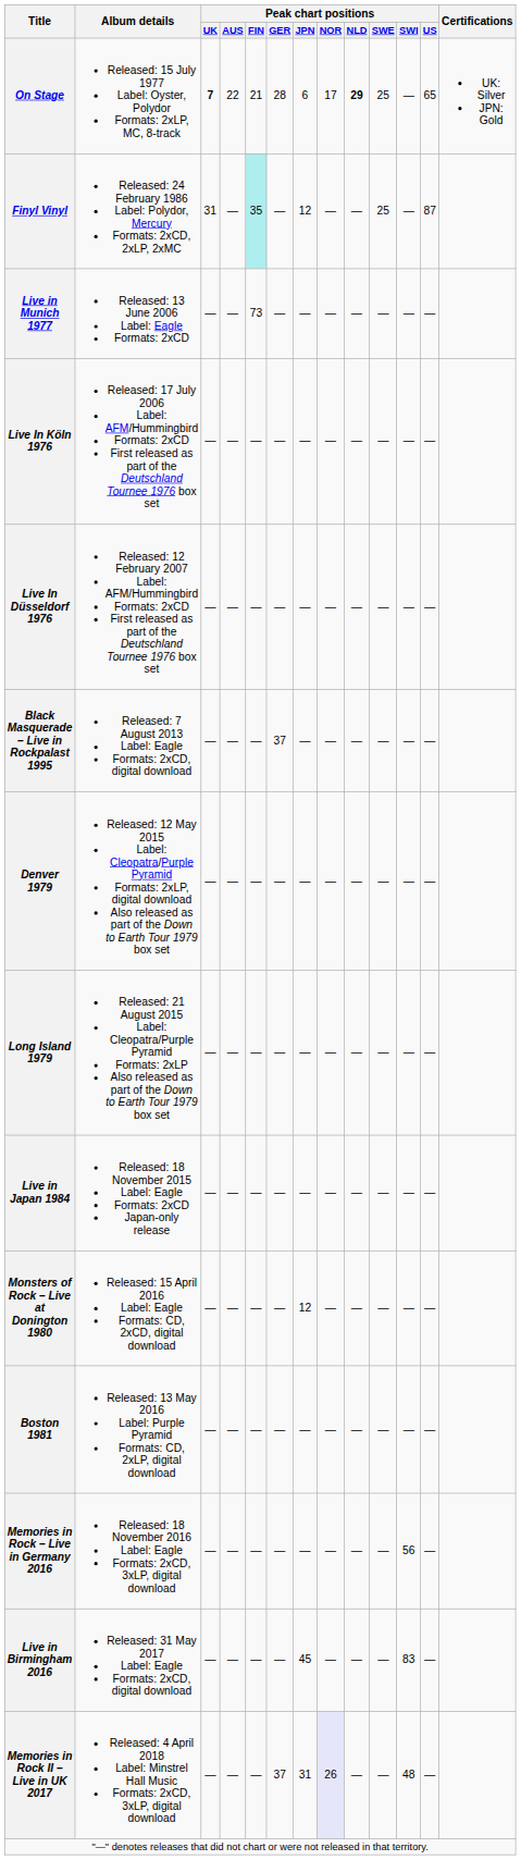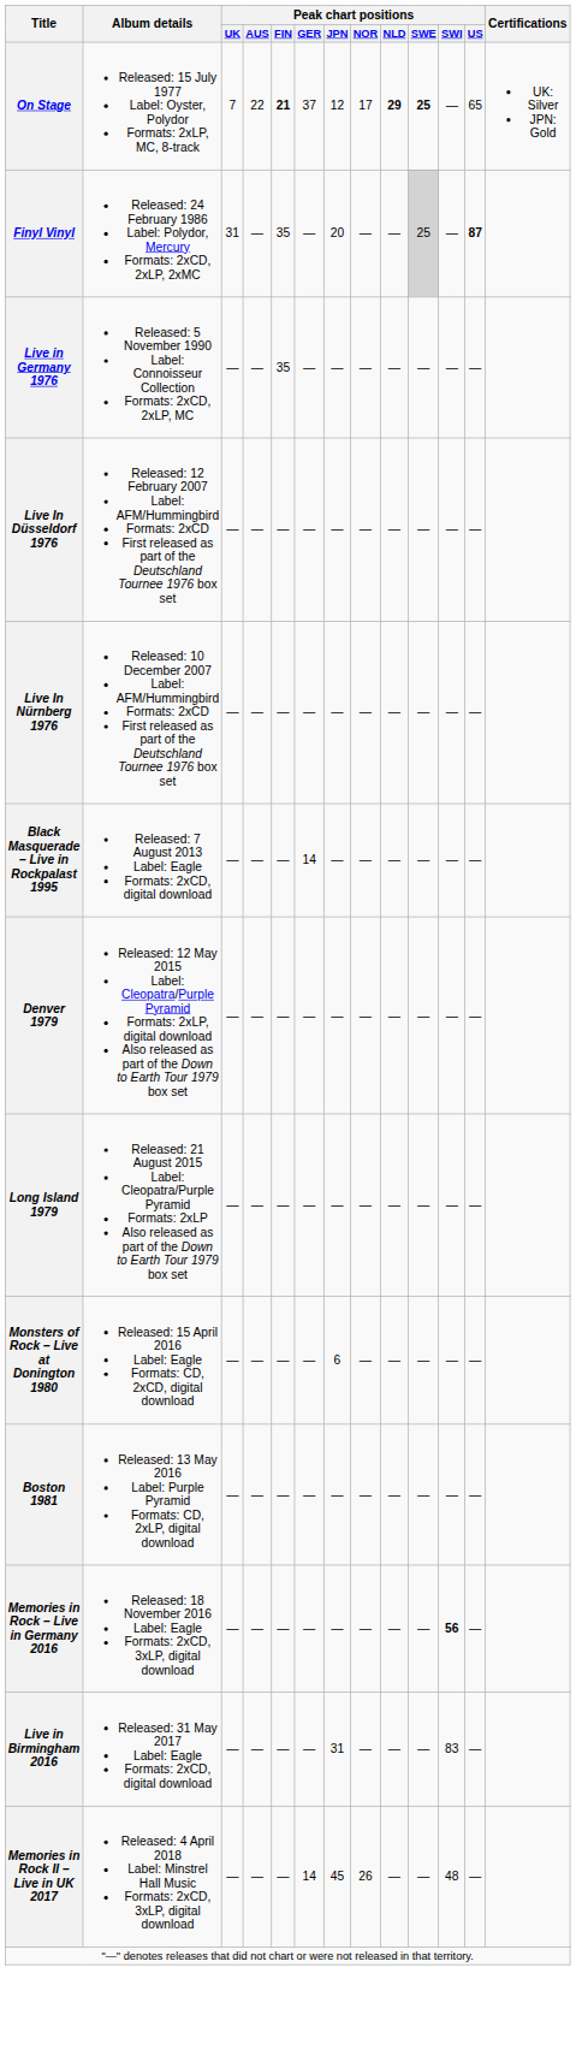 <table class="wikitable plainrowheaders" style="text-align:center;">
 <tr>
 <th rowspan="2" scope="col" style="width:12em;">Title</th>
 <th rowspan="2" scope="col" style="width:15em;">Album details</th>
 <th colspan="10">Peak chart positions</th>
 <th rowspan="2">Certifications</th>
 </tr>
 <tr>
 <th scope="col" style="width:2em;font-size:90%;"><a href='#'>UK</a><br></th>
 <th scope="col" style="width:2em;font-size:90%;"><a href='#'>AUS</a><br></th>
 <th scope="col" style="width:2em;font-size:90%;"><a href='#'>FIN</a><br></th>
 <th scope="col" style="width:2em;font-size:90%;"><a href='#'>GER</a><br></th>
 <th scope="col" style="width:2em;font-size:90%;"><a href='#'>JPN</a><br></th>
 <th scope="col" style="width:2em;font-size:90%;"><a href='#'>NOR</a><br></th>
 <th scope="col" style="width:2em;font-size:90%;"><a href='#'>NLD</a><br></th>
 <th scope="col" style="width:2em;font-size:90%;"><a href='#'>SWE</a><br></th>
 <th scope="col" style="width:2em;font-size:90%;"><a href='#'>SWI</a><br></th>
 <th scope="col" style="width:2em;font-size:90%;"><a href='#'>US</a><br></th>
 </tr>
 <tr>
 <th scope="row" style="text-align:center"><em><a href='#'>On Stage</a></em><br></th>
 <td><br><ul><li>Released: 15 July 1977</li><li>Label: Oyster, Polydor</li><li>Formats: 2xLP, MC, 8-track</li></ul></td>
-<td><strong>7</strong></td>
+<td>7</td>
 <td>22</td>
-<td>21</td>
-<td>28</td>
-<td>6</td>
+<td><strong>21</strong></td>
+<td>37</td>
+<td>12</td>
 <td>17</td>
 <td><strong>29</strong></td>
-<td>25</td>
+<td><strong>25</strong></td>
 <td>—</td>
 <td>65</td>
 <td><br><ul><li>UK: Silver</li><li>JPN: Gold</li></ul></td>
 </tr>
 <tr>
 <th scope="row" style="text-align:center"><em><a href='#'>Finyl Vinyl</a></em> <br></th>
 <td><br><ul><li>Released: 24 February 1986</li><li>Label: Polydor, <a href='#'>Mercury</a></li><li>Formats: 2xCD, 2xLP, 2xMC</li></ul></td>
 <td>31</td>
 <td>—</td>
-<td style="background: paleturquoise;">35</td>
+<td>35</td>
 <td>—</td>
-<td>12</td>
+<td>20</td>
 <td>—</td>
 <td>—</td>
-<td>25</td>
+<td style="background: lightgrey;">25</td>
 <td>—</td>
-<td>87</td>
+<td><strong>87</strong></td>
 <td></td>
 </tr>
 <tr>
-<th scope="row" style="text-align:center"><em><a href='#'>Live in Munich 1977</a></em><br></th>
-<td><br><ul><li>Released: 13 June 2006</li><li>Label: <a href='#'>Eagle</a></li><li>Formats: 2xCD</li></ul></td>
+<th scope="row" style="text-align:center"><em><a href='#'>Live in Germany 1976</a></em><br></th>
+<td><br><ul><li>Released: 5 November 1990</li><li>Label: Connoisseur Collection</li><li>Formats: 2xCD, 2xLP, MC</li></ul></td>
 <td>—</td>
 <td>—</td>
-<td>73</td>
-<td>—</td>
-<td>—</td>
-<td>—</td>
-<td>—</td>
-<td>—</td>
-<td>—</td>
-<td>—</td>
-<td></td>
-</tr>
-<tr>
-<th scope="row" style="text-align:center"><em>Live In Köln 1976</em><br></th>
-<td><br><ul><li>Released: 17 July 2006</li><li>Label: <a href='#'>AFM</a>/Hummingbird</li><li>Formats: 2xCD</li><li>First released as part of the <em><a href='#'>Deutschland Tournee 1976</a></em> box set</li></ul></td>
-<td>—</td>
-<td>—</td>
-<td>—</td>
+<td>35</td>
 <td>—</td>
 <td>—</td>
 <td>—</td>
 <td>—</td>
 <td>—</td>
 <td>—</td>
 <td>—</td>
 <td></td>
 </tr>
 <tr>
 <th scope="row" style="text-align:center"><em>Live In Düsseldorf 1976</em><br></th>
 <td><br><ul><li>Released: 12 February 2007</li><li>Label: AFM/Hummingbird</li><li>Formats: 2xCD</li><li>First released as part of the <em>Deutschland Tournee 1976</em> box set</li></ul></td>
 <td>—</td>
 <td>—</td>
 <td>—</td>
 <td>—</td>
 <td>—</td>
 <td>—</td>
 <td>—</td>
 <td>—</td>
 <td>—</td>
 <td>—</td>
 <td></td>
 </tr>
 <tr>
+<th scope="row" style="text-align:center"><em>Live In Nürnberg 1976</em><br></th>
+<td><br><ul><li>Released: 10 December 2007</li><li>Label: AFM/Hummingbird</li><li>Formats: 2xCD</li><li>First released as part of the <em>Deutschland Tournee 1976</em> box set</li></ul></td>
+<td>—</td>
+<td>—</td>
+<td>—</td>
+<td>—</td>
+<td>—</td>
+<td>—</td>
+<td>—</td>
+<td>—</td>
+<td>—</td>
+<td>—</td>
+<td></td>
+</tr>
+<tr>
 <th scope="row" style="text-align:center"><em>Black Masquerade – Live in Rockpalast 1995</em><br></th>
 <td><br><ul><li>Released: 7 August 2013</li><li>Label: Eagle</li><li>Formats: 2xCD, digital download</li></ul></td>
 <td>—</td>
 <td>—</td>
 <td>—</td>
-<td>37</td>
+<td>14</td>
 <td>—</td>
 <td>—</td>
 <td>—</td>
 <td>—</td>
 <td>—</td>
 <td>—</td>
 <td></td>
 </tr>
 <tr>
 <th scope="row" style="text-align:center"><em>Denver 1979</em><br></th>
 <td><br><ul><li>Released: 12 May 2015</li><li>Label: <a href='#'>Cleopatra</a>/<a href='#'>Purple Pyramid</a></li><li>Formats: 2xLP, digital download</li><li>Also released as part of the <em>Down to Earth Tour 1979</em> box set</li></ul></td>
 <td>—</td>
 <td>—</td>
 <td>—</td>
 <td>—</td>
 <td>—</td>
 <td>—</td>
 <td>—</td>
 <td>—</td>
 <td>—</td>
 <td>—</td>
 <td></td>
 </tr>
 <tr>
 <th scope="row" style="text-align:center"><em>Long Island 1979</em><br></th>
 <td><br><ul><li>Released: 21 August 2015</li><li>Label: Cleopatra/Purple Pyramid</li><li>Formats: 2xLP</li><li>Also released as part of the <em>Down to Earth Tour 1979</em> box set</li></ul></td>
 <td>—</td>
 <td>—</td>
 <td>—</td>
 <td>—</td>
 <td>—</td>
 <td>—</td>
 <td>—</td>
 <td>—</td>
 <td>—</td>
 <td>—</td>
 <td></td>
 </tr>
 <tr>
-<th scope="row" style="text-align:center"><em>Live in Japan 1984</em><br></th>
-<td><br><ul><li>Released: 18 November 2015</li><li>Label: Eagle</li><li>Formats: 2xCD</li><li>Japan-only release</li></ul></td>
-<td>—</td>
-<td>—</td>
-<td>—</td>
-<td>—</td>
-<td>—</td>
-<td>—</td>
-<td>—</td>
-<td>—</td>
-<td>—</td>
-<td>—</td>
-<td></td>
-</tr>
-<tr>
 <th scope="row" style="text-align:center"><em>Monsters of Rock – Live at Donington 1980</em><br></th>
 <td><br><ul><li>Released: 15 April 2016</li><li>Label: Eagle</li><li>Formats: CD, 2xCD, digital download</li></ul></td>
 <td>—</td>
 <td>—</td>
 <td>—</td>
 <td>—</td>
-<td>12</td>
+<td>6</td>
 <td>—</td>
 <td>—</td>
 <td>—</td>
 <td>—</td>
 <td>—</td>
 <td></td>
 </tr>
 <tr>
 <th scope="row" style="text-align:center"><em>Boston 1981</em><br></th>
 <td><br><ul><li>Released: 13 May 2016</li><li>Label: Purple Pyramid</li><li>Formats: CD, 2xLP, digital download</li></ul></td>
 <td>—</td>
 <td>—</td>
 <td>—</td>
 <td>—</td>
 <td>—</td>
 <td>—</td>
 <td>—</td>
 <td>—</td>
 <td>—</td>
 <td>—</td>
 <td></td>
 </tr>
 <tr>
 <th scope="row" style="text-align:center"><em>Memories in Rock – Live in Germany 2016</em><br></th>
 <td><br><ul><li>Released: 18 November 2016</li><li>Label: Eagle</li><li>Formats: 2xCD, 3xLP, digital download</li></ul></td>
 <td>—</td>
 <td>—</td>
 <td>—</td>
 <td>—</td>
 <td>—</td>
 <td>—</td>
 <td>—</td>
 <td>—</td>
-<td>56</td>
+<td><strong>56</strong></td>
 <td>—</td>
 <td></td>
 </tr>
 <tr>
 <th scope="row" style="text-align:center"><em>Live in Birmingham 2016</em><br></th>
 <td><br><ul><li>Released: 31 May 2017</li><li>Label: Eagle</li><li>Formats: 2xCD, digital download</li></ul></td>
 <td>—</td>
 <td>—</td>
 <td>—</td>
 <td>—</td>
-<td>45</td>
+<td>31</td>
 <td>—</td>
 <td>—</td>
 <td>—</td>
 <td>83</td>
 <td>—</td>
 <td></td>
 </tr>
 <tr>
 <th scope="row" style="text-align:center"><em>Memories in Rock II – Live in UK 2017</em><br></th>
 <td><br><ul><li>Released: 4 April 2018</li><li>Label: Minstrel Hall Music</li><li>Formats: 2xCD, 3xLP, digital download</li></ul></td>
 <td>—</td>
 <td>—</td>
 <td>—</td>
-<td>37</td>
-<td>31</td>
-<td style="background: lavender;">26</td>
+<td>14</td>
+<td>45</td>
+<td>26</td>
 <td>—</td>
 <td>—</td>
 <td>48</td>
 <td>—</td>
 <td></td>
 </tr>
 <tr>
 <td colspan="13" style="font-size:90%">"—" denotes releases that did not chart or were not released in that territory.</td>
 </tr>
 </table>
